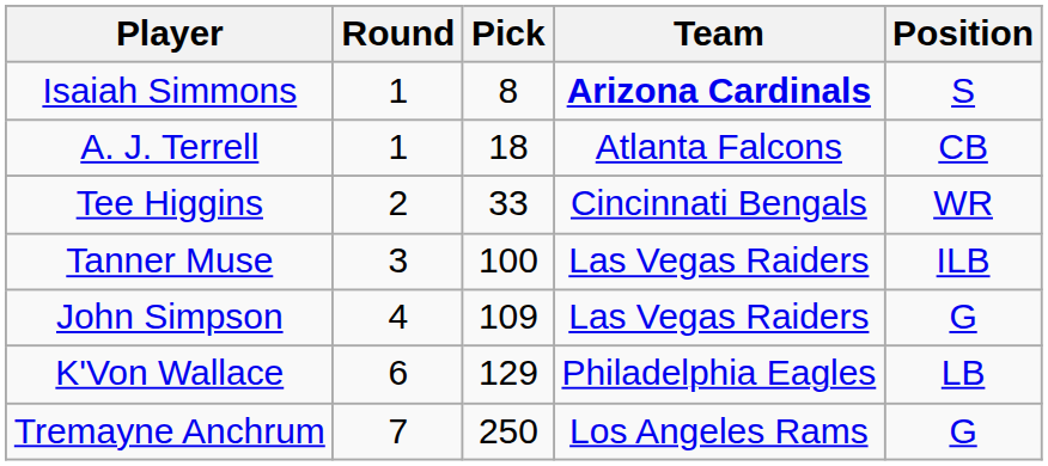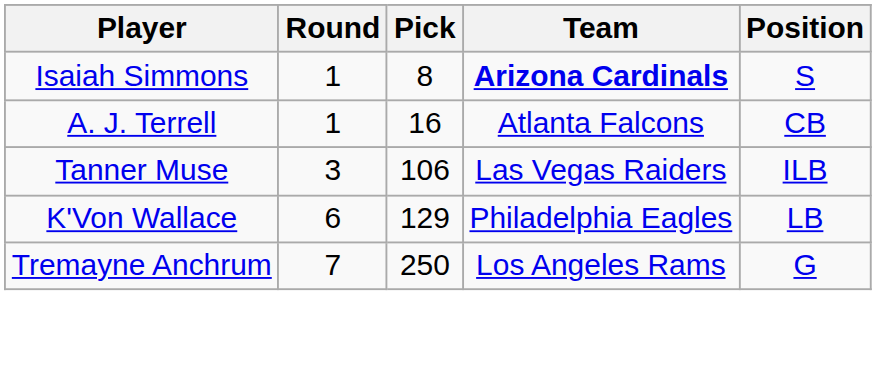 <table class="wikitable" style="text-align:center;">
 <tr>
 <th>Player</th>
 <th>Round</th>
 <th>Pick</th>
 <th>Team</th>
 <th>Position</th>
 </tr>
 <tr>
 <td><a href='#'>Isaiah Simmons</a></td>
 <td>1</td>
 <td>8</td>
 <td><strong><a href='#'>Arizona Cardinals</a></strong></td>
 <td><a href='#'>S</a></td>
 </tr>
 <tr>
 <td><a href='#'>A. J. Terrell</a></td>
 <td>1</td>
-<td>18</td>
+<td>16</td>
 <td><a href='#'>Atlanta Falcons</a></td>
 <td><a href='#'>CB</a></td>
 </tr>
 <tr>
-<td><a href='#'>Tee Higgins</a></td>
-<td>2</td>
-<td>33</td>
-<td><a href='#'>Cincinnati Bengals</a></td>
-<td><a href='#'>WR</a></td>
-</tr>
-<tr>
 <td><a href='#'>Tanner Muse</a></td>
 <td>3</td>
-<td>100</td>
+<td>106</td>
 <td><a href='#'>Las Vegas Raiders</a></td>
 <td><a href='#'>ILB</a></td>
-</tr>
-<tr>
-<td><a href='#'>John Simpson</a></td>
-<td>4</td>
-<td>109</td>
-<td><a href='#'>Las Vegas Raiders</a></td>
-<td><a href='#'>G</a></td>
 </tr>
 <tr>
 <td><a href='#'>K'Von Wallace</a></td>
 <td>6</td>
 <td>129</td>
 <td><a href='#'>Philadelphia Eagles</a></td>
 <td><a href='#'>LB</a></td>
 </tr>
 <tr>
 <td><a href='#'>Tremayne Anchrum</a></td>
 <td>7</td>
 <td>250</td>
 <td><a href='#'>Los Angeles Rams</a></td>
 <td><a href='#'>G</a></td>
 </tr>
 </table>
